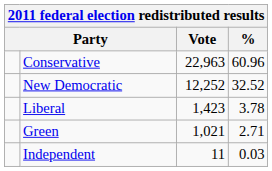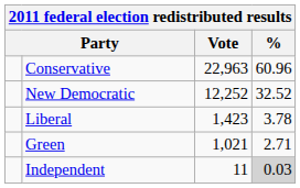 <table class="wikitable">
 <tr>
 <th colspan="4"><a href='#'>2011 federal election</a> redistributed results</th>
 </tr>
 <tr>
 <th bgcolor="#DDDDFF" width="130px" colspan="2">Party</th>
 <th bgcolor="#DDDDFF" width="50px">Vote</th>
 <th bgcolor="#DDDDFF" width="30px">%</th>
 </tr>
 <tr>
 <td> </td>
 <td><a href='#'>Conservative</a></td>
 <td align=right>22,963</td>
 <td align=right>60.96</td>
 </tr>
 <tr>
 <td> </td>
 <td><a href='#'>New Democratic</a></td>
 <td align=right>12,252</td>
 <td align=right>32.52</td>
 </tr>
 <tr>
 <td> </td>
 <td><a href='#'>Liberal</a></td>
 <td align=right>1,423</td>
 <td align=right>3.78</td>
 </tr>
 <tr>
 <td> </td>
 <td><a href='#'>Green</a></td>
 <td align=right>1,021</td>
 <td align=right>2.71</td>
 </tr>
 <tr>
 <td> </td>
 <td><a href='#'>Independent</a></td>
 <td align=right>11</td>
-<td align=right>0.03</td>
+<td align=right style="background: lightgrey;">0.03</td>
 </tr>
 </table>
